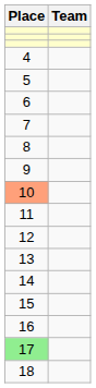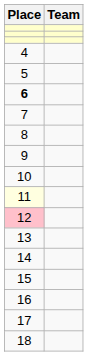 <table class="wikitable">
 <tr>
 <th>Place</th>
 <th>Team</th>
 </tr>
 <tr bgcolor=#ffffcc>
 <td align=center></td>
 <td></td>
 </tr>
 <tr bgcolor=#ffffcc>
 <td align=center></td>
 <td></td>
 </tr>
 <tr bgcolor=#ffffcc>
 <td align=center></td>
 <td></td>
 </tr>
 <tr>
 <td align=center>4</td>
 <td></td>
 </tr>
 <tr>
 <td align=center>5</td>
 <td></td>
 </tr>
 <tr>
-<td align=center>6</td>
+<td align=center><strong>6</strong></td>
 <td></td>
 </tr>
 <tr>
 <td align=center>7</td>
 <td></td>
 </tr>
 <tr>
 <td align=center>8</td>
 <td></td>
 </tr>
 <tr>
 <td align=center>9</td>
 <td></td>
 </tr>
 <tr>
-<td align=center style="background: lightsalmon;">10</td>
+<td align=center>10</td>
 <td></td>
 </tr>
 <tr>
-<td align=center>11</td>
+<td align=center style="background: lightyellow;">11</td>
 <td></td>
 </tr>
 <tr>
-<td align=center>12</td>
+<td align=center style="background: pink;">12</td>
 <td></td>
 </tr>
 <tr>
 <td align=center>13</td>
 <td></td>
 </tr>
 <tr>
 <td align=center>14</td>
 <td></td>
 </tr>
 <tr>
 <td align=center>15</td>
 <td></td>
 </tr>
 <tr>
 <td align=center>16</td>
 <td></td>
 </tr>
 <tr>
-<td align=center style="background: lightgreen;">17</td>
+<td align=center>17</td>
 <td></td>
 </tr>
 <tr>
 <td align=center>18</td>
 <td></td>
 </tr>
 </table>
